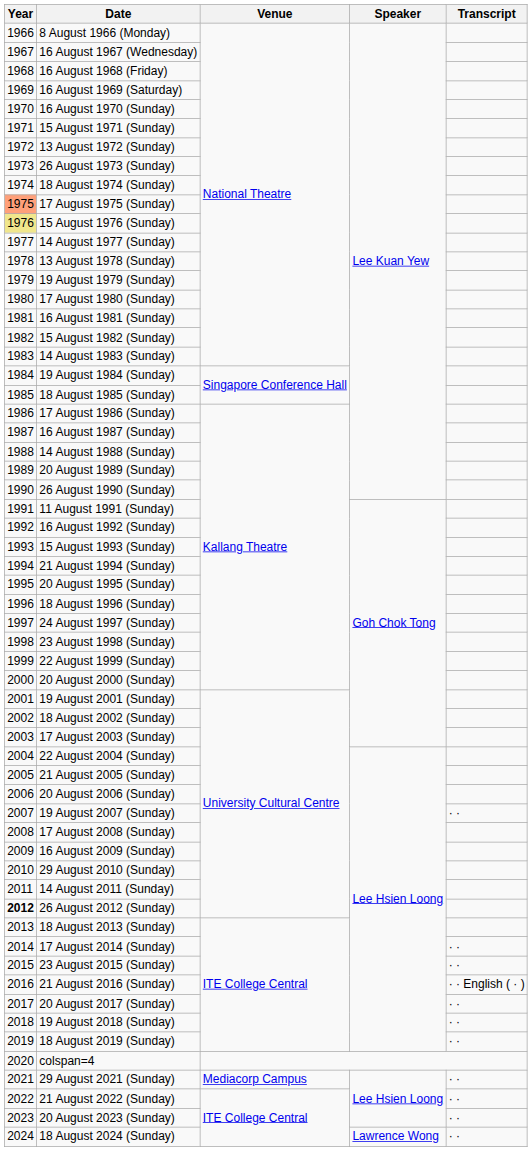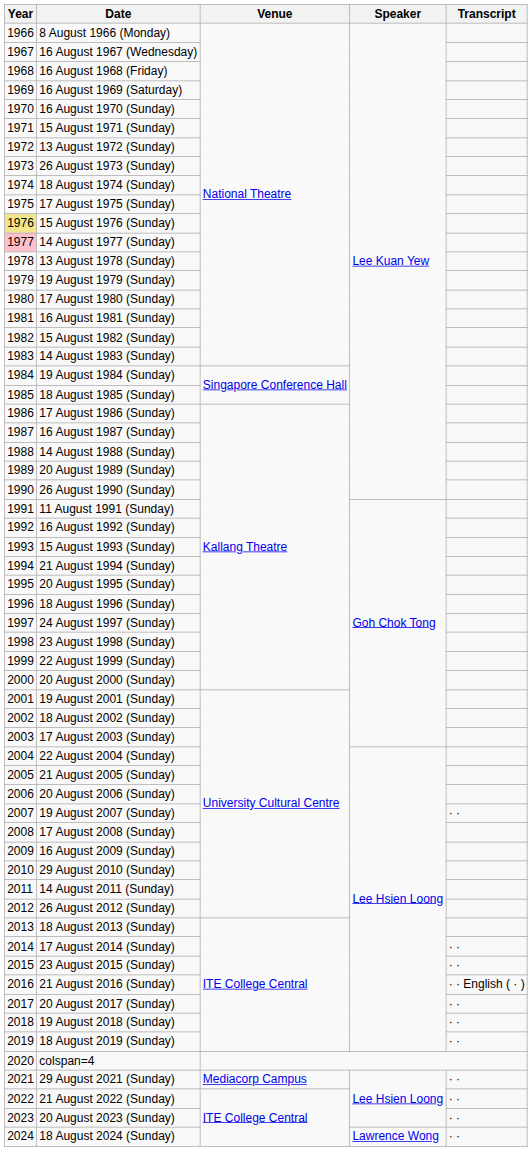 <table class="wikitable">
 <tr>
 <th>Year</th>
 <th>Date</th>
 <th>Venue</th>
 <th>Speaker</th>
 <th>Transcript</th>
 </tr>
 <tr>
 <td>1966</td>
 <td>8 August 1966 (Monday)</td>
 <td rowspan="18"><a href='#'>National Theatre</a></td>
 <td rowspan="25"><a href='#'>Lee Kuan Yew</a></td>
 <td></td>
 </tr>
 <tr>
 <td>1967</td>
 <td>16 August 1967 (Wednesday)</td>
 <td></td>
 </tr>
 <tr>
 <td>1968</td>
 <td>16 August 1968 (Friday)</td>
 <td></td>
 </tr>
 <tr>
 <td>1969</td>
 <td>16 August 1969 (Saturday)</td>
 <td></td>
 </tr>
 <tr>
 <td>1970</td>
 <td>16 August 1970 (Sunday)</td>
 <td></td>
 </tr>
 <tr>
 <td>1971</td>
 <td>15 August 1971 (Sunday)</td>
 <td></td>
 </tr>
 <tr>
 <td>1972</td>
 <td>13 August 1972 (Sunday)</td>
 <td></td>
 </tr>
 <tr>
 <td>1973</td>
 <td>26 August 1973 (Sunday)</td>
 <td></td>
 </tr>
 <tr>
 <td>1974</td>
 <td>18 August 1974 (Sunday)</td>
 <td></td>
 </tr>
 <tr>
-<td style="background: lightsalmon;">1975</td>
+<td>1975</td>
 <td>17 August 1975 (Sunday)</td>
 <td></td>
 </tr>
 <tr>
 <td style="background: khaki;">1976</td>
 <td>15 August 1976 (Sunday)</td>
 <td></td>
 </tr>
 <tr>
-<td>1977</td>
+<td style="background: pink;">1977</td>
 <td>14 August 1977 (Sunday)</td>
 <td></td>
 </tr>
 <tr>
 <td>1978</td>
 <td>13 August 1978 (Sunday)</td>
 <td></td>
 </tr>
 <tr>
 <td>1979</td>
 <td>19 August 1979 (Sunday)</td>
 <td></td>
 </tr>
 <tr>
 <td>1980</td>
 <td>17 August 1980 (Sunday)</td>
 <td></td>
 </tr>
 <tr>
 <td>1981</td>
 <td>16 August 1981 (Sunday)</td>
 <td></td>
 </tr>
 <tr>
 <td>1982</td>
 <td>15 August 1982 (Sunday)</td>
 <td></td>
 </tr>
 <tr>
 <td>1983</td>
 <td>14 August 1983 (Sunday)</td>
 <td></td>
 </tr>
 <tr>
 <td>1984</td>
 <td>19 August 1984 (Sunday)</td>
 <td rowspan="2"><a href='#'>Singapore Conference Hall</a></td>
 <td></td>
 </tr>
 <tr>
 <td>1985</td>
 <td>18 August 1985 (Sunday)</td>
 <td></td>
 </tr>
 <tr>
 <td>1986</td>
 <td>17 August 1986 (Sunday)</td>
 <td rowspan="15"><a href='#'>Kallang Theatre</a></td>
 <td></td>
 </tr>
 <tr>
 <td>1987</td>
 <td>16 August 1987 (Sunday)</td>
 <td></td>
 </tr>
 <tr>
 <td>1988</td>
 <td>14 August 1988 (Sunday)</td>
 <td></td>
 </tr>
 <tr>
 <td>1989</td>
 <td>20 August 1989 (Sunday)</td>
 <td></td>
 </tr>
 <tr>
 <td>1990</td>
 <td>26 August 1990 (Sunday)</td>
 <td></td>
 </tr>
 <tr>
 <td>1991</td>
 <td>11 August 1991 (Sunday)</td>
 <td rowspan="13"><a href='#'>Goh Chok Tong</a></td>
 <td></td>
 </tr>
 <tr>
 <td>1992</td>
 <td>16 August 1992 (Sunday)</td>
 <td></td>
 </tr>
 <tr>
 <td>1993</td>
 <td>15 August 1993 (Sunday)</td>
 <td></td>
 </tr>
 <tr>
 <td>1994</td>
 <td>21 August 1994 (Sunday)</td>
 <td></td>
 </tr>
 <tr>
 <td>1995</td>
 <td>20 August 1995 (Sunday)</td>
 <td></td>
 </tr>
 <tr>
 <td>1996</td>
 <td>18 August 1996 (Sunday)</td>
 <td></td>
 </tr>
 <tr>
 <td>1997</td>
 <td>24 August 1997 (Sunday)</td>
 <td></td>
 </tr>
 <tr>
 <td>1998</td>
 <td>23 August 1998 (Sunday)</td>
 <td></td>
 </tr>
 <tr>
 <td>1999</td>
 <td>22 August 1999 (Sunday)</td>
 <td></td>
 </tr>
 <tr>
 <td>2000</td>
 <td>20 August 2000 (Sunday)</td>
 <td></td>
 </tr>
 <tr>
 <td>2001</td>
 <td>19 August 2001 (Sunday)</td>
 <td rowspan="12"><a href='#'>University Cultural Centre</a></td>
 <td></td>
 </tr>
 <tr>
 <td>2002</td>
 <td>18 August 2002 (Sunday)</td>
 <td></td>
 </tr>
 <tr>
 <td>2003</td>
 <td>17 August 2003 (Sunday)</td>
 <td></td>
 </tr>
 <tr>
 <td>2004</td>
 <td>22 August 2004 (Sunday)</td>
 <td rowspan="16"><a href='#'>Lee Hsien Loong</a></td>
 <td></td>
 </tr>
 <tr>
 <td>2005</td>
 <td>21 August 2005 (Sunday)</td>
 <td></td>
 </tr>
 <tr>
 <td>2006</td>
 <td>20 August 2006 (Sunday)</td>
 <td></td>
 </tr>
 <tr>
 <td>2007</td>
 <td>19 August 2007 (Sunday)</td>
 <td> ·  · </td>
 </tr>
 <tr>
 <td>2008</td>
 <td>17 August 2008 (Sunday)</td>
 <td></td>
 </tr>
 <tr>
 <td>2009</td>
 <td>16 August 2009 (Sunday)</td>
 <td></td>
 </tr>
 <tr>
 <td>2010</td>
 <td>29 August 2010 (Sunday)</td>
 <td></td>
 </tr>
 <tr>
 <td>2011</td>
 <td>14 August 2011 (Sunday)</td>
 <td></td>
 </tr>
 <tr>
-<td><strong>2012</strong></td>
+<td>2012</td>
 <td>26 August 2012 (Sunday)</td>
 <td></td>
 </tr>
 <tr>
 <td>2013</td>
 <td>18 August 2013 (Sunday)</td>
 <td rowspan="7"><a href='#'>ITE College Central</a></td>
 <td></td>
 </tr>
 <tr>
 <td>2014</td>
 <td>17 August 2014 (Sunday)</td>
 <td> ·  · </td>
 </tr>
 <tr>
 <td>2015</td>
 <td>23 August 2015 (Sunday)</td>
 <td> ·  · </td>
 </tr>
 <tr>
 <td>2016</td>
 <td>21 August 2016 (Sunday)</td>
 <td> ·  · English ( · )</td>
 </tr>
 <tr>
 <td>2017</td>
 <td>20 August 2017 (Sunday)</td>
 <td> ·  · </td>
 </tr>
 <tr>
 <td>2018</td>
 <td>19 August 2018 (Sunday)</td>
 <td> ·  · </td>
 </tr>
 <tr>
 <td>2019</td>
 <td>18 August 2019 (Sunday)</td>
 <td> ·  · </td>
 </tr>
 <tr>
 <td>2020</td>
 <td>colspan=4</td>
 </tr>
 <tr>
 <td>2021</td>
 <td>29 August 2021 (Sunday)</td>
 <td><a href='#'>Mediacorp Campus</a></td>
 <td rowspan="3"><a href='#'>Lee Hsien Loong</a></td>
 <td> ·  · </td>
 </tr>
 <tr>
 <td>2022</td>
 <td>21 August 2022 (Sunday)</td>
 <td rowspan="3"><a href='#'>ITE College Central</a></td>
 <td> ·  · </td>
 </tr>
 <tr>
 <td>2023</td>
 <td>20 August 2023 (Sunday)</td>
 <td> ·  · </td>
 </tr>
 <tr>
 <td>2024</td>
 <td>18 August 2024 (Sunday)</td>
 <td><a href='#'>Lawrence Wong</a></td>
 <td> ·  · </td>
 </tr>
 </table>
